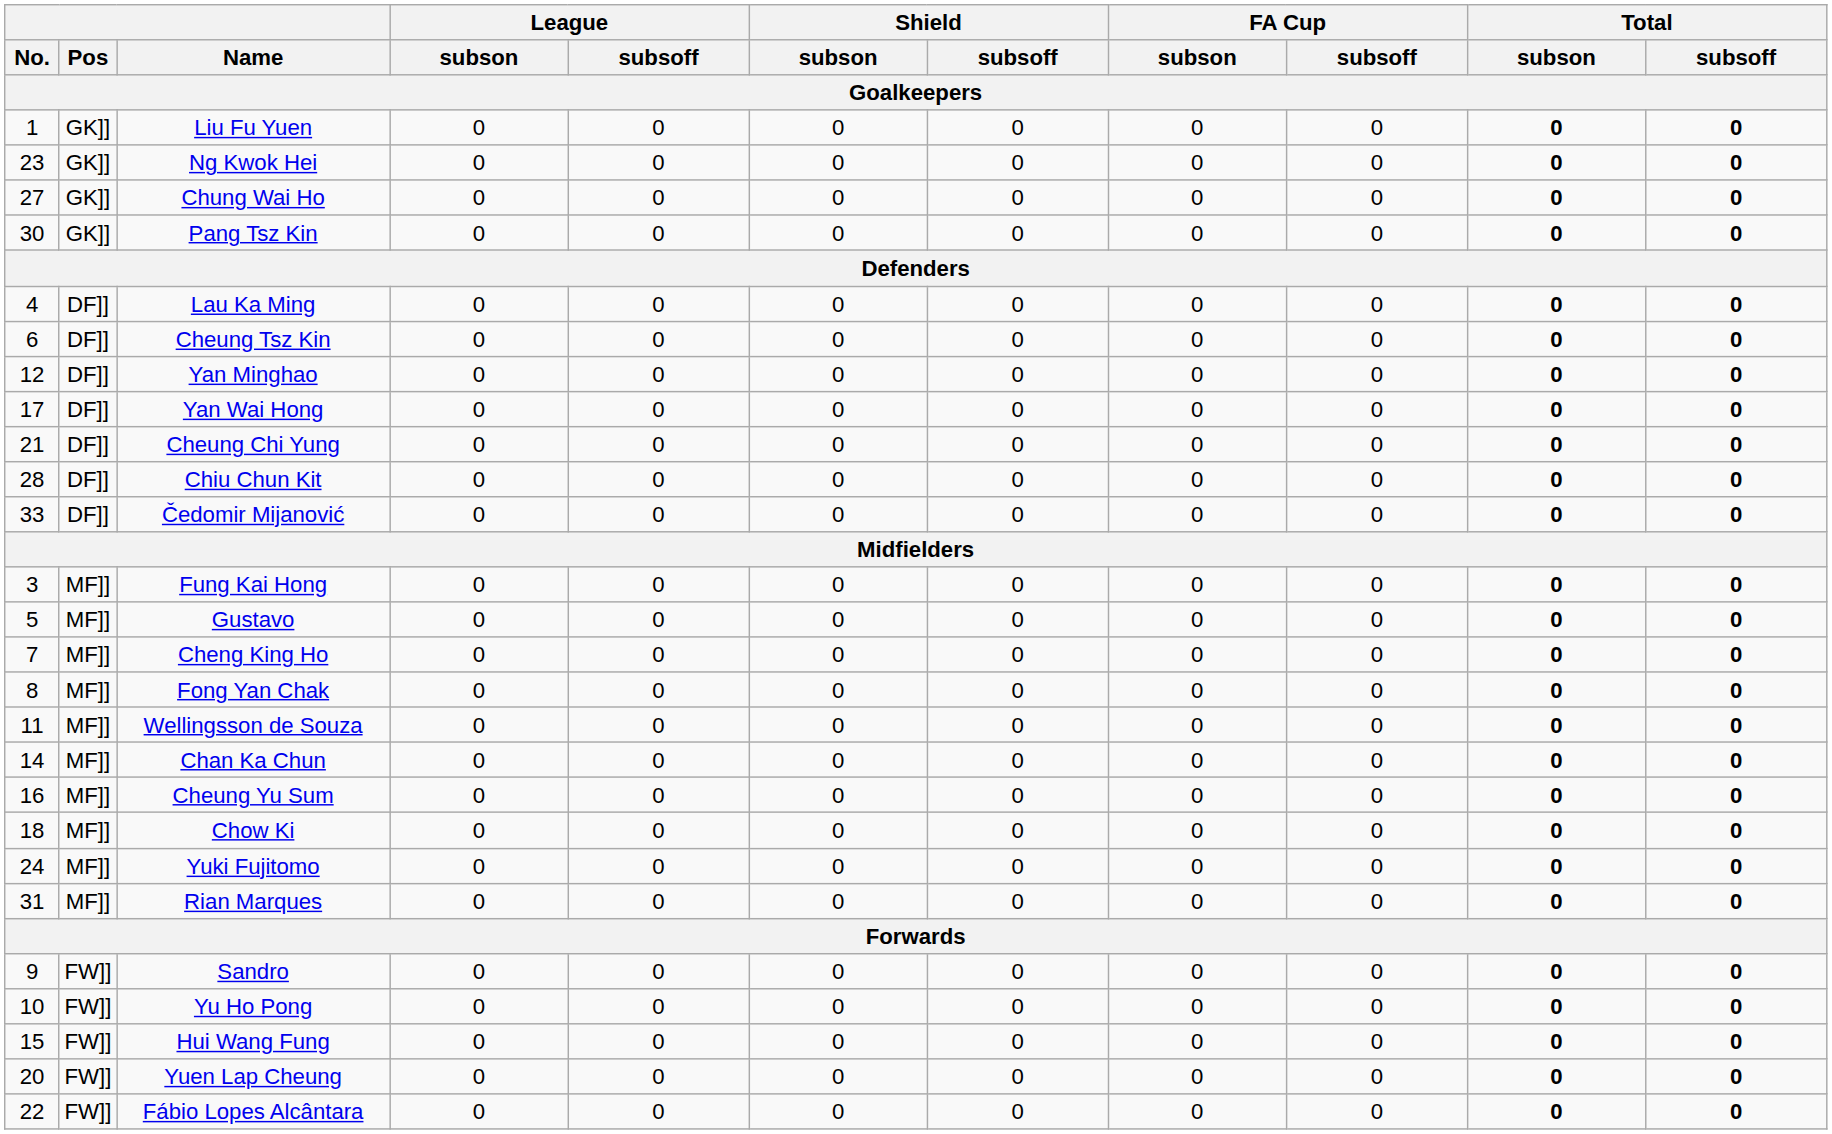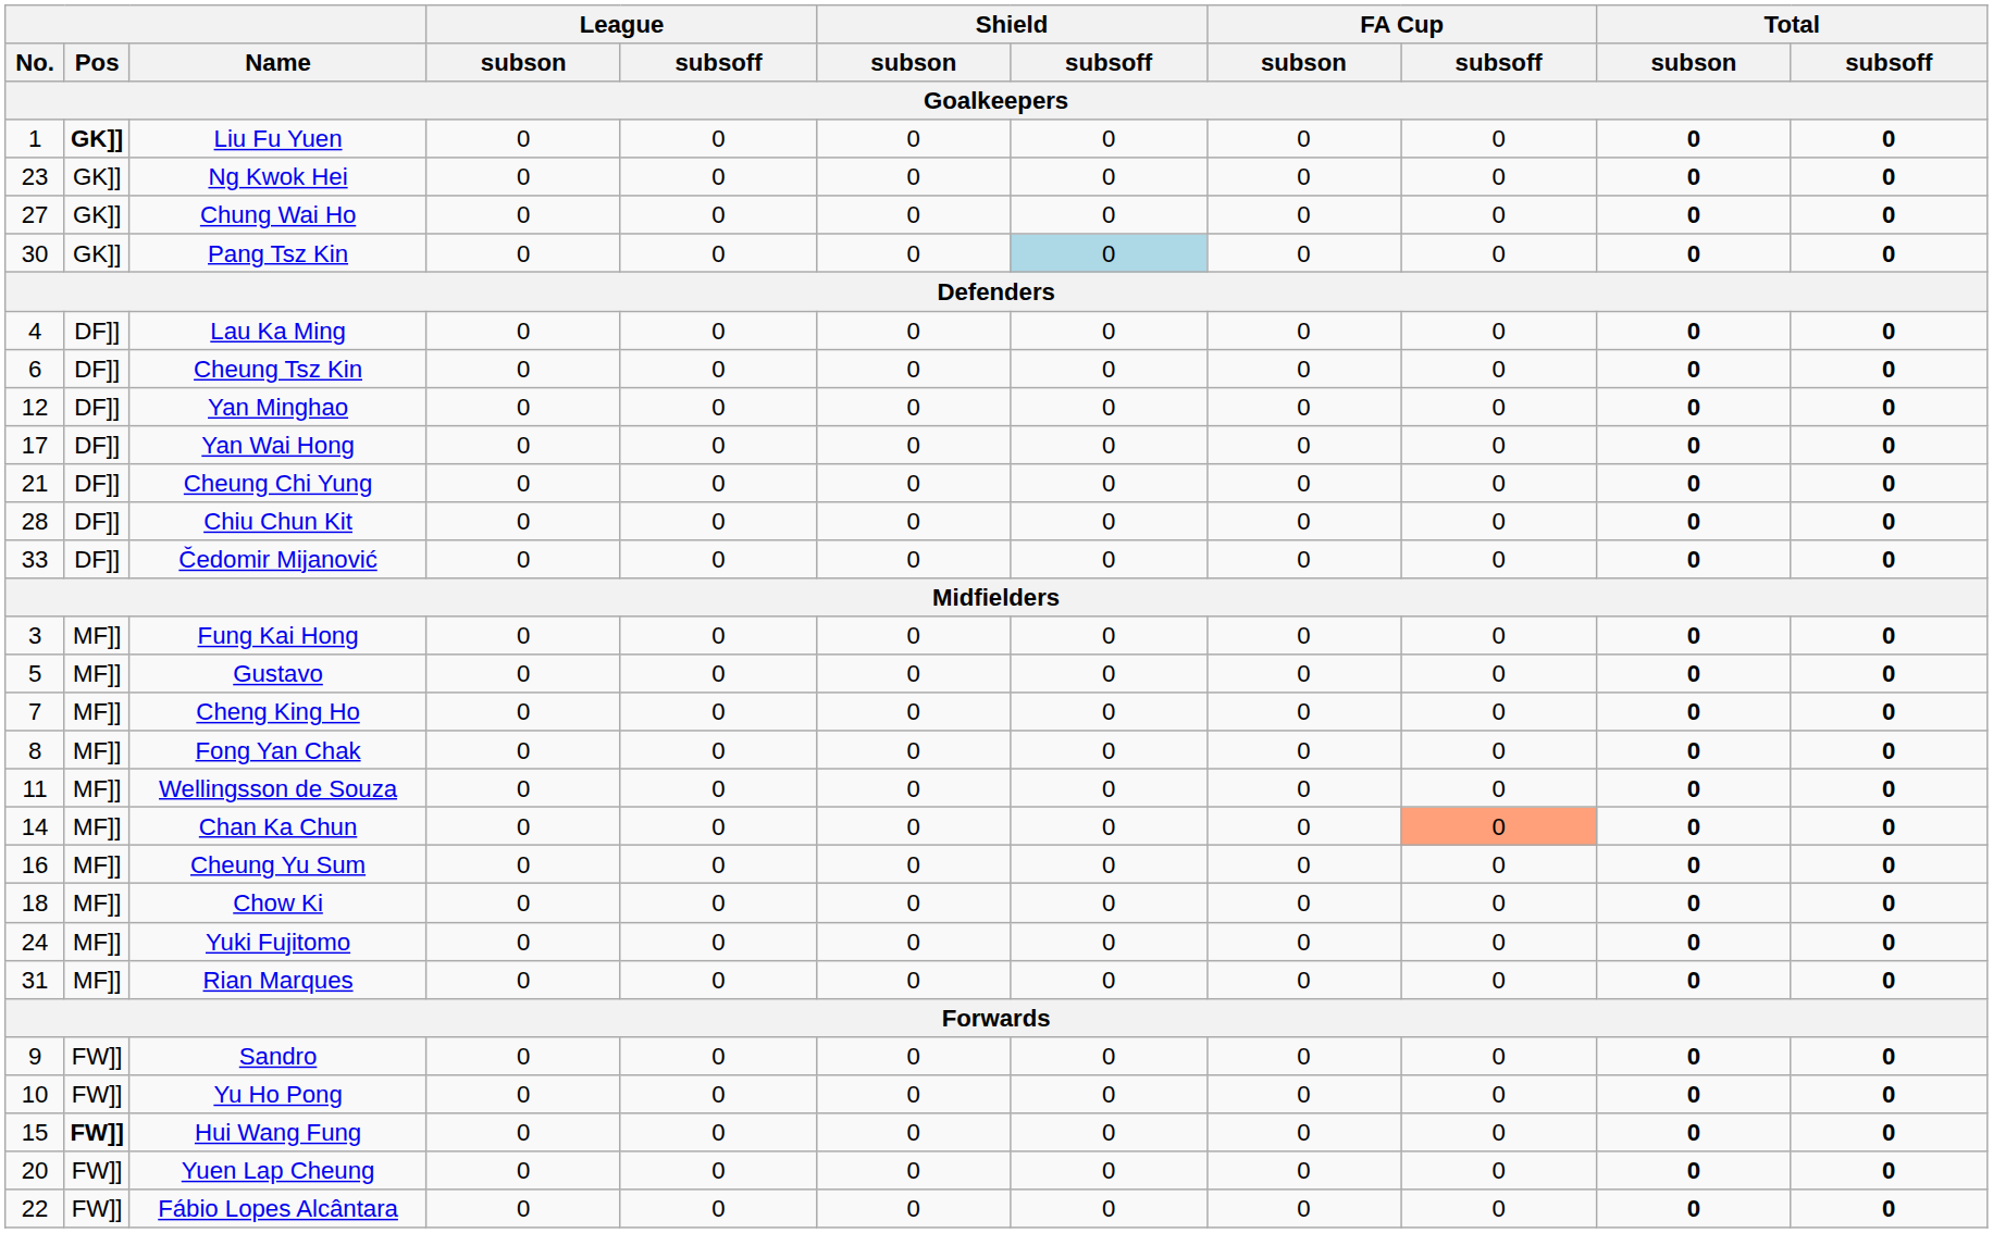 <table class="wikitable" style="font-size: 95%; text-align:center;">
 <tr>
 <th colspan=3></th>
 <th colspan=2>League</th>
 <th colspan=2>Shield</th>
 <th colspan=2>FA Cup</th>
 <th colspan=2>Total</th>
 </tr>
 <tr>
 <th width="3%"><strong>No.</strong></th>
 <th width="3%"><strong>Pos</strong></th>
 <th width="15%"><strong>Name</strong></th>
 <th width=20>subson</th>
 <th width=20>subsoff</th>
 <th width=20>subson</th>
 <th width=20>subsoff</th>
 <th width=20>subson</th>
 <th width=20>subsoff</th>
 <th width=20>subson</th>
 <th width=20>subsoff</th>
 </tr>
 <tr>
 <th colspan=15>Goalkeepers</th>
 </tr>
 <tr>
 <td>1</td>
-<td [[>GK]]</td>
+<td [[><strong>GK]]</strong></td>
 <td><a href='#'>Liu Fu Yuen</a></td>
 <td>0</td>
 <td>0</td>
 <td>0</td>
 <td>0</td>
 <td>0</td>
 <td>0</td>
 <td><strong>0</strong></td>
 <td><strong>0</strong></td>
 </tr>
 <tr>
 <td>23</td>
 <td [[>GK]]</td>
 <td><a href='#'>Ng Kwok Hei</a></td>
 <td>0</td>
 <td>0</td>
 <td>0</td>
 <td>0</td>
 <td>0</td>
 <td>0</td>
 <td><strong>0</strong></td>
 <td><strong>0</strong></td>
 </tr>
 <tr>
 <td>27</td>
 <td [[>GK]]</td>
 <td><a href='#'>Chung Wai Ho</a></td>
 <td>0</td>
 <td>0</td>
 <td>0</td>
 <td>0</td>
 <td>0</td>
 <td>0</td>
 <td><strong>0</strong></td>
 <td><strong>0</strong></td>
 </tr>
 <tr>
 <td>30</td>
 <td [[>GK]]</td>
 <td><a href='#'>Pang Tsz Kin</a></td>
 <td>0</td>
 <td>0</td>
 <td>0</td>
-<td>0</td>
+<td style="background: lightblue;">0</td>
 <td>0</td>
 <td>0</td>
 <td><strong>0</strong></td>
 <td><strong>0</strong></td>
 </tr>
 <tr>
 <th colspan=15>Defenders</th>
 </tr>
 <tr>
 <td>4</td>
 <td [[>DF]]</td>
 <td><a href='#'>Lau Ka Ming</a></td>
 <td>0</td>
 <td>0</td>
 <td>0</td>
 <td>0</td>
 <td>0</td>
 <td>0</td>
 <td><strong>0</strong></td>
 <td><strong>0</strong></td>
 </tr>
 <tr>
 <td>6</td>
 <td [[>DF]]</td>
 <td><a href='#'>Cheung Tsz Kin</a></td>
 <td>0</td>
 <td>0</td>
 <td>0</td>
 <td>0</td>
 <td>0</td>
 <td>0</td>
 <td><strong>0</strong></td>
 <td><strong>0</strong></td>
 </tr>
 <tr>
 <td>12</td>
 <td [[>DF]]</td>
 <td><a href='#'>Yan Minghao</a></td>
 <td>0</td>
 <td>0</td>
 <td>0</td>
 <td>0</td>
 <td>0</td>
 <td>0</td>
 <td><strong>0</strong></td>
 <td><strong>0</strong></td>
 </tr>
 <tr>
 <td>17</td>
 <td [[>DF]]</td>
 <td><a href='#'>Yan Wai Hong</a></td>
 <td>0</td>
 <td>0</td>
 <td>0</td>
 <td>0</td>
 <td>0</td>
 <td>0</td>
 <td><strong>0</strong></td>
 <td><strong>0</strong></td>
 </tr>
 <tr>
 <td>21</td>
 <td [[>DF]]</td>
 <td><a href='#'>Cheung Chi Yung</a></td>
 <td>0</td>
 <td>0</td>
 <td>0</td>
 <td>0</td>
 <td>0</td>
 <td>0</td>
 <td><strong>0</strong></td>
 <td><strong>0</strong></td>
 </tr>
 <tr>
 <td>28</td>
 <td [[>DF]]</td>
 <td><a href='#'>Chiu Chun Kit</a></td>
 <td>0</td>
 <td>0</td>
 <td>0</td>
 <td>0</td>
 <td>0</td>
 <td>0</td>
 <td><strong>0</strong></td>
 <td><strong>0</strong></td>
 </tr>
 <tr>
 <td>33</td>
 <td [[>DF]]</td>
 <td><a href='#'>Čedomir Mijanović</a></td>
 <td>0</td>
 <td>0</td>
 <td>0</td>
 <td>0</td>
 <td>0</td>
 <td>0</td>
 <td><strong>0</strong></td>
 <td><strong>0</strong></td>
 </tr>
 <tr>
 <th colspan=15>Midfielders</th>
 </tr>
 <tr>
 <td>3</td>
 <td [[>MF]]</td>
 <td><a href='#'>Fung Kai Hong</a></td>
 <td>0</td>
 <td>0</td>
 <td>0</td>
 <td>0</td>
 <td>0</td>
 <td>0</td>
 <td><strong>0</strong></td>
 <td><strong>0</strong></td>
 </tr>
 <tr>
 <td>5</td>
 <td [[>MF]]</td>
 <td><a href='#'>Gustavo</a></td>
 <td>0</td>
 <td>0</td>
 <td>0</td>
 <td>0</td>
 <td>0</td>
 <td>0</td>
 <td><strong>0</strong></td>
 <td><strong>0</strong></td>
 </tr>
 <tr>
 <td>7</td>
 <td [[>MF]]</td>
 <td><a href='#'>Cheng King Ho</a></td>
 <td>0</td>
 <td>0</td>
 <td>0</td>
 <td>0</td>
 <td>0</td>
 <td>0</td>
 <td><strong>0</strong></td>
 <td><strong>0</strong></td>
 </tr>
 <tr>
 <td>8</td>
 <td [[>MF]]</td>
 <td><a href='#'>Fong Yan Chak</a></td>
 <td>0</td>
 <td>0</td>
 <td>0</td>
 <td>0</td>
 <td>0</td>
 <td>0</td>
 <td><strong>0</strong></td>
 <td><strong>0</strong></td>
 </tr>
 <tr>
 <td>11</td>
 <td [[>MF]]</td>
 <td><a href='#'>Wellingsson de Souza</a></td>
 <td>0</td>
 <td>0</td>
 <td>0</td>
 <td>0</td>
 <td>0</td>
 <td>0</td>
 <td><strong>0</strong></td>
 <td><strong>0</strong></td>
 </tr>
 <tr>
 <td>14</td>
 <td [[>MF]]</td>
 <td><a href='#'>Chan Ka Chun</a></td>
 <td>0</td>
 <td>0</td>
 <td>0</td>
 <td>0</td>
 <td>0</td>
-<td>0</td>
+<td style="background: lightsalmon;">0</td>
 <td><strong>0</strong></td>
 <td><strong>0</strong></td>
 </tr>
 <tr>
 <td>16</td>
 <td [[>MF]]</td>
 <td><a href='#'>Cheung Yu Sum</a></td>
 <td>0</td>
 <td>0</td>
 <td>0</td>
 <td>0</td>
 <td>0</td>
 <td>0</td>
 <td><strong>0</strong></td>
 <td><strong>0</strong></td>
 </tr>
 <tr>
 <td>18</td>
 <td [[>MF]]</td>
 <td><a href='#'>Chow Ki</a></td>
 <td>0</td>
 <td>0</td>
 <td>0</td>
 <td>0</td>
 <td>0</td>
 <td>0</td>
 <td><strong>0</strong></td>
 <td><strong>0</strong></td>
 </tr>
 <tr>
 <td>24</td>
 <td [[>MF]]</td>
 <td><a href='#'>Yuki Fujitomo</a></td>
 <td>0</td>
 <td>0</td>
 <td>0</td>
 <td>0</td>
 <td>0</td>
 <td>0</td>
 <td><strong>0</strong></td>
 <td><strong>0</strong></td>
 </tr>
 <tr>
 <td>31</td>
 <td [[>MF]]</td>
 <td><a href='#'>Rian Marques</a></td>
 <td>0</td>
 <td>0</td>
 <td>0</td>
 <td>0</td>
 <td>0</td>
 <td>0</td>
 <td><strong>0</strong></td>
 <td><strong>0</strong></td>
 </tr>
 <tr>
 <th colspan=15>Forwards</th>
 </tr>
 <tr>
 <td>9</td>
 <td [[>FW]]</td>
 <td><a href='#'>Sandro</a></td>
 <td>0</td>
 <td>0</td>
 <td>0</td>
 <td>0</td>
 <td>0</td>
 <td>0</td>
 <td><strong>0</strong></td>
 <td><strong>0</strong></td>
 </tr>
 <tr>
 <td>10</td>
 <td [[>FW]]</td>
 <td><a href='#'>Yu Ho Pong</a></td>
 <td>0</td>
 <td>0</td>
 <td>0</td>
 <td>0</td>
 <td>0</td>
 <td>0</td>
 <td><strong>0</strong></td>
 <td><strong>0</strong></td>
 </tr>
 <tr>
 <td>15</td>
-<td [[>FW]]</td>
+<td [[><strong>FW]]</strong></td>
 <td><a href='#'>Hui Wang Fung</a></td>
 <td>0</td>
 <td>0</td>
 <td>0</td>
 <td>0</td>
 <td>0</td>
 <td>0</td>
 <td><strong>0</strong></td>
 <td><strong>0</strong></td>
 </tr>
 <tr>
 <td>20</td>
 <td [[>FW]]</td>
 <td><a href='#'>Yuen Lap Cheung</a></td>
 <td>0</td>
 <td>0</td>
 <td>0</td>
 <td>0</td>
 <td>0</td>
 <td>0</td>
 <td><strong>0</strong></td>
 <td><strong>0</strong></td>
 </tr>
 <tr>
 <td>22</td>
 <td [[>FW]]</td>
 <td><a href='#'>Fábio Lopes Alcântara</a></td>
 <td>0</td>
 <td>0</td>
 <td>0</td>
 <td>0</td>
 <td>0</td>
 <td>0</td>
 <td><strong>0</strong></td>
 <td><strong>0</strong></td>
 </tr>
 </table>
